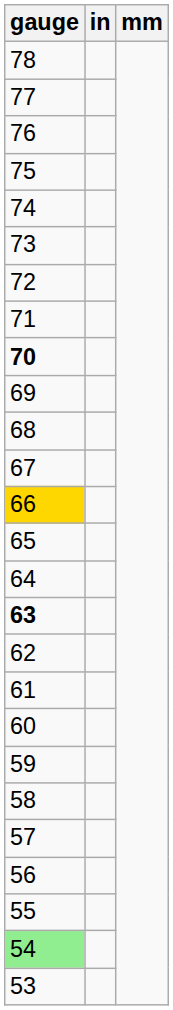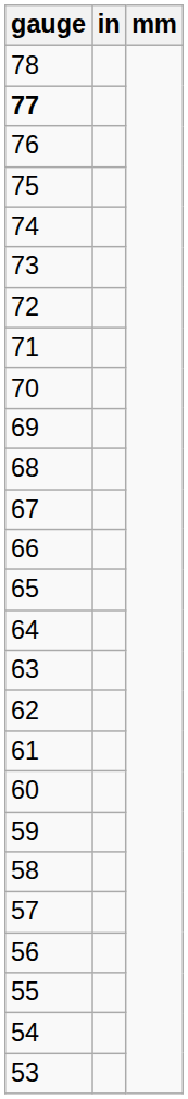 <table class="wikitable">
 <tr>
 <th>gauge</th>
 <th>in</th>
 <th>mm</th>
 </tr>
 <tr>
 <td>78</td>
 <td></td>
 </tr>
 <tr>
-<td>77</td>
+<td><strong>77</strong></td>
 <td></td>
 </tr>
 <tr>
 <td>76</td>
 <td></td>
 </tr>
 <tr>
 <td>75</td>
 <td></td>
 </tr>
 <tr>
 <td>74</td>
 <td></td>
 </tr>
 <tr>
 <td>73</td>
 <td></td>
 </tr>
 <tr>
 <td>72</td>
 <td></td>
 </tr>
 <tr>
 <td>71</td>
 <td></td>
 </tr>
 <tr>
-<td><strong>70</strong></td>
+<td>70</td>
 <td></td>
 </tr>
 <tr>
 <td>69</td>
 <td></td>
 </tr>
 <tr>
 <td>68</td>
 <td></td>
 </tr>
 <tr>
 <td>67</td>
 <td></td>
 </tr>
 <tr>
-<td style="background: gold;">66</td>
+<td>66</td>
 <td></td>
 </tr>
 <tr>
 <td>65</td>
 <td></td>
 </tr>
 <tr>
 <td>64</td>
 <td></td>
 </tr>
 <tr>
-<td><strong>63</strong></td>
+<td>63</td>
 <td></td>
 </tr>
 <tr>
 <td>62</td>
 <td></td>
 </tr>
 <tr>
 <td>61</td>
 <td></td>
 </tr>
 <tr>
 <td>60</td>
 <td></td>
 </tr>
 <tr>
 <td>59</td>
 <td></td>
 </tr>
 <tr>
 <td>58</td>
 <td></td>
 </tr>
 <tr>
 <td>57</td>
 <td></td>
 </tr>
 <tr>
 <td>56</td>
 <td></td>
 </tr>
 <tr>
 <td>55</td>
 <td></td>
 </tr>
 <tr>
-<td style="background: lightgreen;">54</td>
+<td>54</td>
 <td></td>
 </tr>
 <tr>
 <td>53</td>
 <td></td>
 </tr>
 </table>
